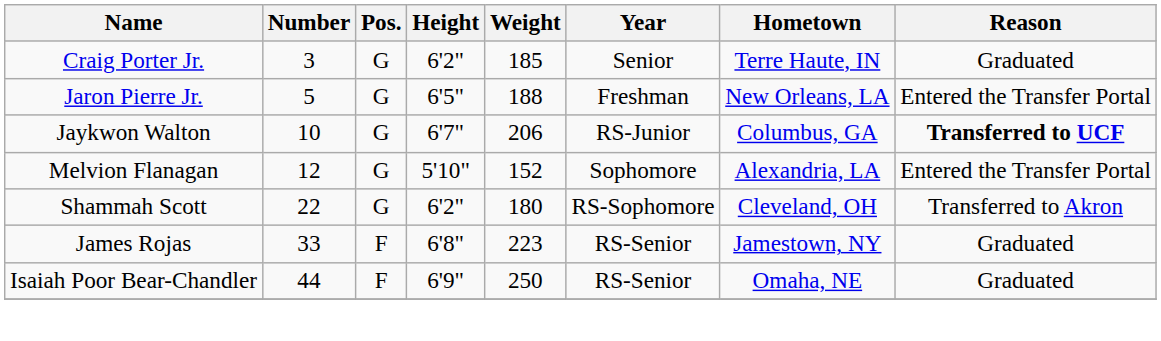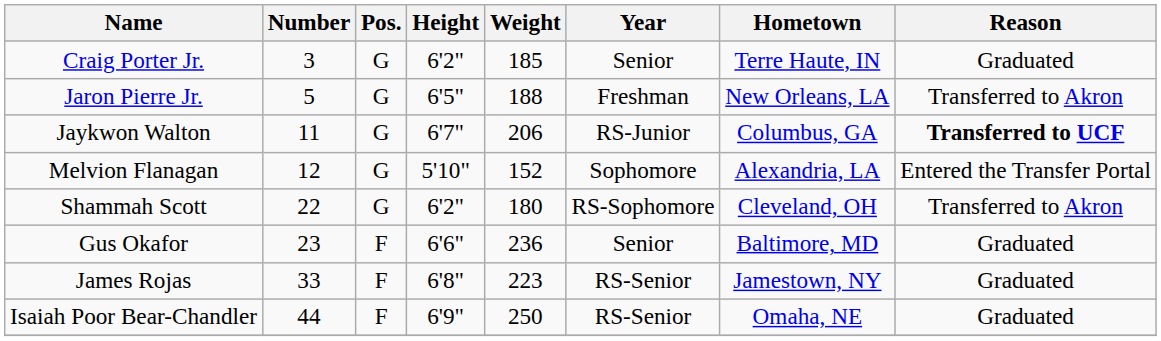 <table class="wikitable sortable" border="1" style="text-align:center;">
 <tr align=center>
 <th>Name</th>
 <th>Number</th>
 <th>Pos.</th>
 <th>Height</th>
 <th>Weight</th>
 <th>Year</th>
 <th>Hometown</th>
 <th>Reason</th>
 </tr>
 <tr>
 <td><a href='#'>Craig Porter Jr.</a></td>
 <td>3</td>
 <td>G</td>
 <td>6'2"</td>
 <td>185</td>
 <td>Senior</td>
 <td><a href='#'>Terre Haute, IN</a></td>
 <td>Graduated</td>
 </tr>
 <tr>
 <td><a href='#'>Jaron Pierre Jr.</a></td>
 <td>5</td>
 <td>G</td>
 <td>6'5"</td>
 <td>188</td>
 <td>Freshman</td>
 <td><a href='#'>New Orleans, LA</a></td>
-<td>Entered the Transfer Portal</td>
+<td>Transferred to <a href='#'>Akron</a></td>
 </tr>
 <tr>
 <td>Jaykwon Walton</td>
-<td>10</td>
+<td>11</td>
 <td>G</td>
 <td>6'7"</td>
 <td>206</td>
 <td>RS-Junior</td>
 <td><a href='#'>Columbus, GA</a></td>
 <td><strong>Transferred to <a href='#'>UCF</a></strong></td>
 </tr>
 <tr>
 <td>Melvion Flanagan</td>
 <td>12</td>
 <td>G</td>
 <td>5'10"</td>
 <td>152</td>
 <td>Sophomore</td>
 <td><a href='#'>Alexandria, LA</a></td>
 <td>Entered the Transfer Portal</td>
 </tr>
 <tr>
 <td>Shammah Scott</td>
 <td>22</td>
 <td>G</td>
 <td>6'2"</td>
 <td>180</td>
 <td>RS-Sophomore</td>
 <td><a href='#'>Cleveland, OH</a></td>
 <td>Transferred to <a href='#'>Akron</a></td>
 </tr>
 <tr>
+<td>Gus Okafor</td>
+<td>23</td>
+<td>F</td>
+<td>6'6"</td>
+<td>236</td>
+<td>Senior</td>
+<td><a href='#'>Baltimore, MD</a></td>
+<td>Graduated</td>
+</tr>
+<tr>
 <td>James Rojas</td>
 <td>33</td>
 <td>F</td>
 <td>6'8"</td>
 <td>223</td>
 <td>RS-Senior</td>
 <td><a href='#'>Jamestown, NY</a></td>
 <td>Graduated</td>
 </tr>
 <tr>
 <td>Isaiah Poor Bear-Chandler</td>
 <td>44</td>
 <td>F</td>
 <td>6'9"</td>
 <td>250</td>
 <td>RS-Senior</td>
 <td><a href='#'>Omaha, NE</a></td>
 <td>Graduated</td>
 </tr>
 <tr>
 </tr>
 </table>
